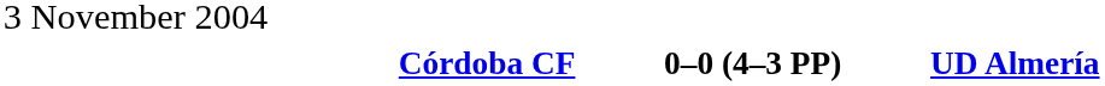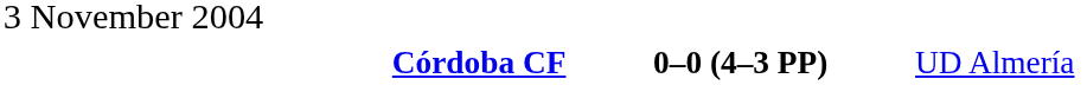 <table width=100% cellspacing=1>
 <tr>
 <th width=20%></th>
 <th width=12%></th>
 <th width=20%></th>
 <th></th>
 </tr>
 <tr>
 <td>3 November 2004</td>
 </tr>
 <tr style=font-size:90%>
 <td align=right><strong><a href='#'>Córdoba CF</a></strong></td>
 <td align=center><strong>0–0 (4–3 PP)</strong></td>
-<td><strong><a href='#'>UD Almería</a></strong></td>
+<td><a href='#'>UD Almería</a></td>
 </tr>
 </table>
